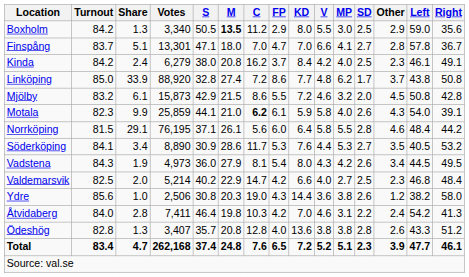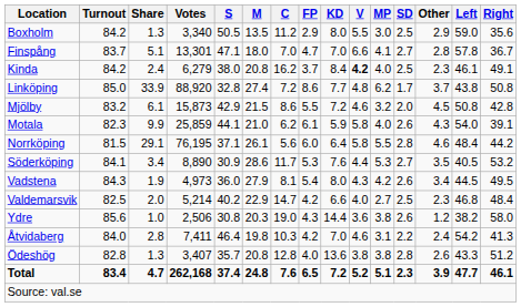 <table class="wikitable sortable" style=text-align:right>
 <tr>
 <th>Location</th>
 <th>Turnout</th>
 <th>Share</th>
 <th>Votes</th>
 <th><a href='#'>S</a></th>
 <th><a href='#'>M</a></th>
 <th><a href='#'>C</a></th>
 <th><a href='#'>FP</a></th>
 <th><a href='#'>KD</a></th>
 <th><a href='#'>V</a></th>
 <th><a href='#'>MP</a></th>
 <th><a href='#'>SD</a></th>
 <th>Other</th>
 <th><a href='#'>Left</a></th>
 <th><a href='#'>Right</a></th>
 </tr>
 <tr>
 <td align=left><a href='#'>Boxholm</a></td>
 <td>84.2</td>
 <td>1.3</td>
 <td>3,340</td>
 <td>50.5</td>
-<td><strong>13.5</strong></td>
+<td>13.5</td>
 <td>11.2</td>
 <td>2.9</td>
 <td>8.0</td>
 <td>5.5</td>
 <td>3.0</td>
 <td>2.5</td>
 <td>2.9</td>
 <td>59.0</td>
 <td>35.6</td>
 </tr>
 <tr>
 <td align=left><a href='#'>Finspång</a></td>
 <td>83.7</td>
 <td>5.1</td>
 <td>13,301</td>
 <td>47.1</td>
 <td>18.0</td>
 <td>7.0</td>
 <td>4.7</td>
 <td>7.0</td>
 <td>6.6</td>
 <td>4.1</td>
 <td>2.7</td>
 <td>2.8</td>
 <td>57.8</td>
 <td>36.7</td>
 </tr>
 <tr>
 <td align=left><a href='#'>Kinda</a></td>
 <td>84.2</td>
 <td>2.4</td>
 <td>6,279</td>
 <td>38.0</td>
 <td>20.8</td>
 <td>16.2</td>
 <td>3.7</td>
 <td>8.4</td>
-<td>4.2</td>
+<td><strong>4.2</strong></td>
 <td>4.0</td>
 <td>2.5</td>
 <td>2.3</td>
 <td>46.1</td>
 <td>49.1</td>
 </tr>
 <tr>
 <td align=left><a href='#'>Linköping</a></td>
 <td>85.0</td>
 <td>33.9</td>
 <td>88,920</td>
 <td>32.8</td>
 <td>27.4</td>
 <td>7.2</td>
 <td>8.6</td>
 <td>7.7</td>
 <td>4.8</td>
 <td>6.2</td>
 <td>1.7</td>
 <td>3.7</td>
 <td>43.8</td>
 <td>50.8</td>
 </tr>
 <tr>
 <td align=left><a href='#'>Mjölby</a></td>
 <td>83.2</td>
 <td>6.1</td>
 <td>15,873</td>
 <td>42.9</td>
 <td>21.5</td>
 <td>8.6</td>
 <td>5.5</td>
 <td>7.2</td>
 <td>4.6</td>
 <td>3.2</td>
 <td>2.0</td>
 <td>4.5</td>
 <td>50.8</td>
 <td>42.8</td>
 </tr>
 <tr>
 <td align=left><a href='#'>Motala</a></td>
 <td>82.3</td>
 <td>9.9</td>
 <td>25,859</td>
 <td>44.1</td>
 <td>21.0</td>
-<td><strong>6.2</strong></td>
+<td>6.2</td>
 <td>6.1</td>
 <td>5.9</td>
 <td>5.8</td>
 <td>4.0</td>
 <td>2.6</td>
 <td>4.3</td>
 <td>54.0</td>
 <td>39.1</td>
 </tr>
 <tr>
 <td align=left><a href='#'>Norrköping</a></td>
 <td>81.5</td>
 <td>29.1</td>
 <td>76,195</td>
 <td>37.1</td>
 <td>26.1</td>
 <td>5.6</td>
 <td>6.0</td>
 <td>6.4</td>
 <td>5.8</td>
 <td>5.5</td>
 <td>2.8</td>
 <td>4.6</td>
 <td>48.4</td>
 <td>44.2</td>
 </tr>
 <tr>
 <td align=left><a href='#'>Söderköping</a></td>
 <td>84.1</td>
 <td>3.4</td>
 <td>8,890</td>
 <td>30.9</td>
 <td>28.6</td>
 <td>11.7</td>
 <td>5.3</td>
 <td>7.6</td>
 <td>4.4</td>
 <td>5.3</td>
 <td>2.7</td>
 <td>3.5</td>
 <td>40.5</td>
 <td>53.2</td>
 </tr>
 <tr>
 <td align=left><a href='#'>Vadstena</a></td>
 <td>84.3</td>
 <td>1.9</td>
 <td>4,973</td>
 <td>36.0</td>
 <td>27.9</td>
 <td>8.1</td>
 <td>5.4</td>
 <td>8.0</td>
 <td>4.3</td>
 <td>4.2</td>
 <td>2.6</td>
 <td>3.4</td>
 <td>44.5</td>
 <td>49.5</td>
 </tr>
 <tr>
 <td align=left><a href='#'>Valdemarsvik</a></td>
 <td>82.5</td>
 <td>2.0</td>
 <td>5,214</td>
 <td>40.2</td>
 <td>22.9</td>
 <td>14.7</td>
 <td>4.2</td>
 <td>6.6</td>
 <td>4.0</td>
 <td>2.7</td>
 <td>2.5</td>
 <td>2.3</td>
 <td>46.8</td>
 <td>48.4</td>
 </tr>
 <tr>
 <td align=left><a href='#'>Ydre</a></td>
 <td>85.6</td>
 <td>1.0</td>
 <td>2,506</td>
 <td>30.8</td>
 <td>20.3</td>
 <td>19.0</td>
 <td>4.3</td>
 <td>14.4</td>
 <td>3.6</td>
 <td>3.8</td>
 <td>2.6</td>
 <td>1.2</td>
 <td>38.2</td>
 <td>58.0</td>
 </tr>
 <tr>
 <td align=left><a href='#'>Åtvidaberg</a></td>
 <td>84.0</td>
 <td>2.8</td>
 <td>7,411</td>
 <td>46.4</td>
 <td>19.8</td>
 <td>10.3</td>
 <td>4.2</td>
 <td>7.0</td>
 <td>4.6</td>
 <td>3.1</td>
 <td>2.2</td>
 <td>2.4</td>
 <td>54.2</td>
 <td>41.3</td>
 </tr>
 <tr>
 <td align=left><a href='#'>Ödeshög</a></td>
 <td>82.8</td>
 <td>1.3</td>
 <td>3,407</td>
 <td>35.7</td>
 <td>20.8</td>
 <td>12.8</td>
 <td>4.0</td>
 <td>13.6</td>
 <td>3.8</td>
 <td>3.8</td>
 <td>2.8</td>
 <td>2.6</td>
 <td>43.3</td>
 <td>51.2</td>
 </tr>
 <tr>
 <td align=left><strong>Total</strong></td>
 <td><strong>83.4</strong></td>
 <td><strong>4.7</strong></td>
 <td><strong>262,168</strong></td>
 <td><strong>37.4</strong></td>
 <td><strong>24.8</strong></td>
 <td><strong>7.6</strong></td>
 <td><strong>6.5</strong></td>
 <td><strong>7.2</strong></td>
 <td><strong>5.2</strong></td>
 <td><strong>5.1</strong></td>
 <td><strong>2.3</strong></td>
 <td><strong>3.9</strong></td>
 <td><strong>47.7</strong></td>
 <td><strong>46.1</strong></td>
 </tr>
 <tr>
 <td align=left colspan=15>Source: val.se </td>
 </tr>
 </table>
